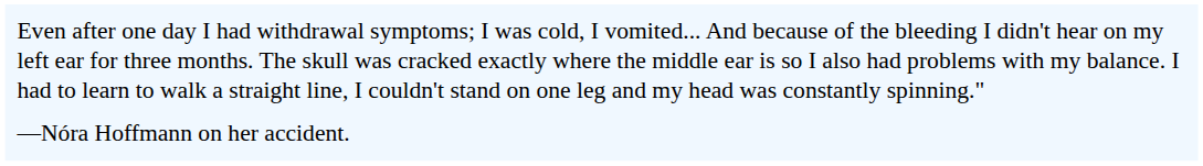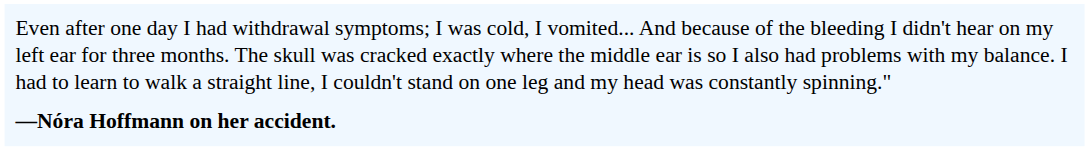 <table class="toccolours" style="float: middle; margin-left: 1em; margin-right: 2em; font-size: 75%; background:#F0F8FF; color:black; width:50em; max-width: 70%;" cellspacing="5">
 <tr>
 <td style="text-align: left;">Even after one day I had withdrawal symptoms; I was cold, I vomited... And because of the bleeding I didn't hear on my left ear for three months. The skull was cracked exactly where the middle ear is so I also had problems with my balance. I had to learn to walk a straight line, I couldn't stand on one leg and my head was constantly spinning."</td>
 </tr>
 <tr>
-<td style="text-align: left;">—Nóra Hoffmann on her accident.</td>
+<td style="text-align: left;"><strong>—Nóra Hoffmann on her accident.</strong></td>
 </tr>
 </table>
